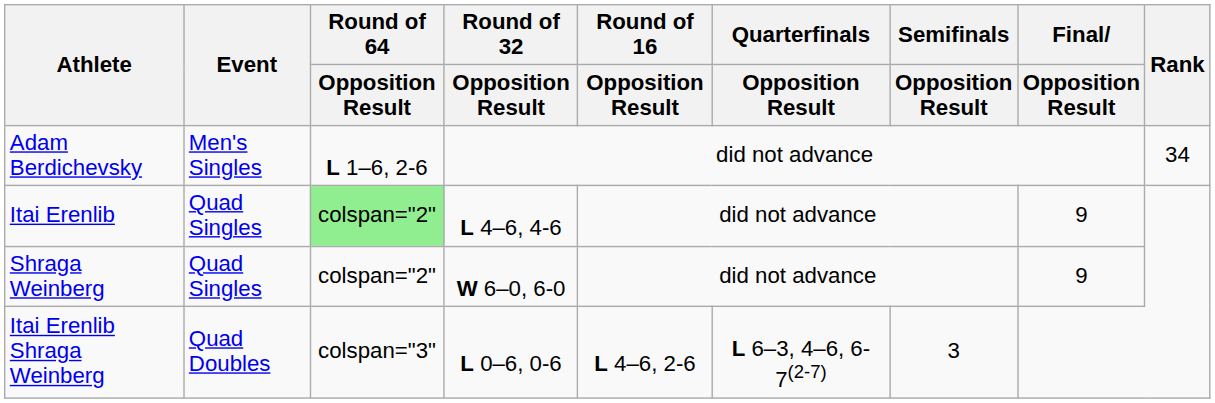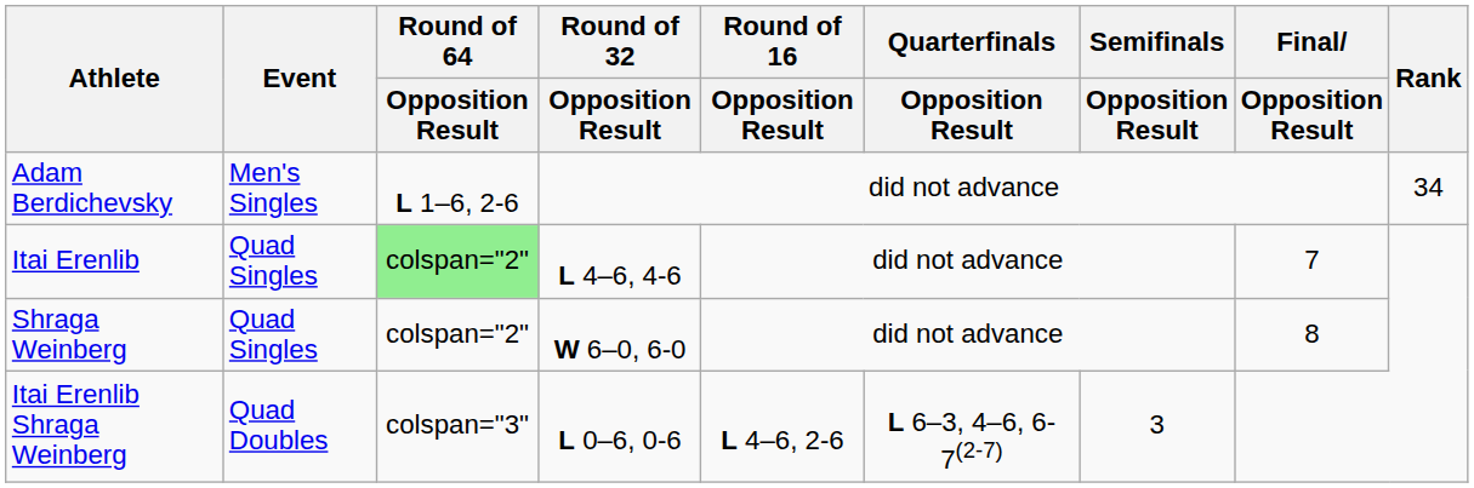 <table class="wikitable">
 <tr>
 <th rowspan="2">Athlete</th>
 <th rowspan="2">Event</th>
 <th>Round of 64</th>
 <th>Round of 32</th>
 <th>Round of 16</th>
 <th>Quarterfinals</th>
 <th>Semifinals</th>
 <th>Final/</th>
 <th rowspan="2">Rank</th>
 </tr>
 <tr>
 <th>Opposition<br>Result</th>
 <th>Opposition<br>Result</th>
 <th>Opposition<br>Result</th>
 <th>Opposition<br>Result</th>
 <th>Opposition<br>Result</th>
 <th>Opposition<br>Result</th>
 </tr>
 <tr align="center">
 <td align="left"><a href='#'>Adam Berdichevsky</a></td>
 <td align="left"><a href='#'>Men's Singles</a></td>
 <td><br><strong>L</strong> 1–6, 2-6</td>
 <td colspan="5">did not advance</td>
 <td>34</td>
 </tr>
 <tr align="center">
 <td align="left"><a href='#'>Itai Erenlib</a></td>
 <td align="left"><a href='#'>Quad Singles</a></td>
 <td style="background: lightgreen;">colspan="2" </td>
 <td><br><strong>L</strong> 4–6, 4-6</td>
 <td colspan="3">did not advance</td>
-<td>9</td>
+<td>7</td>
 </tr>
 <tr align="center">
 <td align="left"><a href='#'>Shraga Weinberg</a></td>
 <td align="left"><a href='#'>Quad Singles</a></td>
 <td>colspan="2" </td>
 <td><br><strong>W</strong> 6–0, 6-0</td>
 <td colspan="3">did not advance</td>
-<td>9</td>
+<td>8</td>
 </tr>
 <tr align="center">
 <td align="left"><a href='#'>Itai Erenlib</a><br><a href='#'>Shraga Weinberg</a></td>
 <td align="left"><a href='#'>Quad Doubles</a></td>
 <td>colspan="3" </td>
 <td><br><strong>L</strong> 0–6, 0-6</td>
 <td><br><strong>L</strong> 4–6, 2-6</td>
 <td><br><strong>L</strong> 6–3, 4–6, 6-7<sup>(2-7)</sup></td>
 <td>3</td>
 </tr>
 </table>
